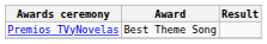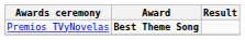 <table class="wikitable">
 <tr>
 <th>Awards ceremony</th>
 <th>Award</th>
 <th>Result</th>
 </tr>
 <tr>
 <td><a href='#'>Premios TVyNovelas</a></td>
-<td>Best Theme Song</td>
+<td><strong>Best Theme Song</strong></td>
 <td></td>
 </tr>
 <tr>
 </tr>
 </table>
